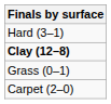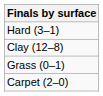 <table class=wikitable style=font-size:90%>
 <tr>
 <th>Finals by surface</th>
 </tr>
 <tr>
 <td>Hard (3–1)</td>
 </tr>
 <tr>
-<td><strong>Clay (12–8)</strong></td>
+<td>Clay (12–8)</td>
 </tr>
 <tr>
 <td>Grass (0–1)</td>
 </tr>
 <tr>
 <td>Carpet (2–0)</td>
 </tr>
 </table>
